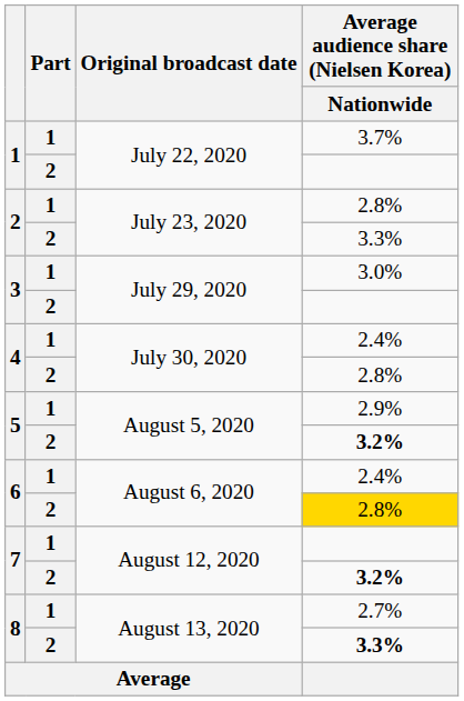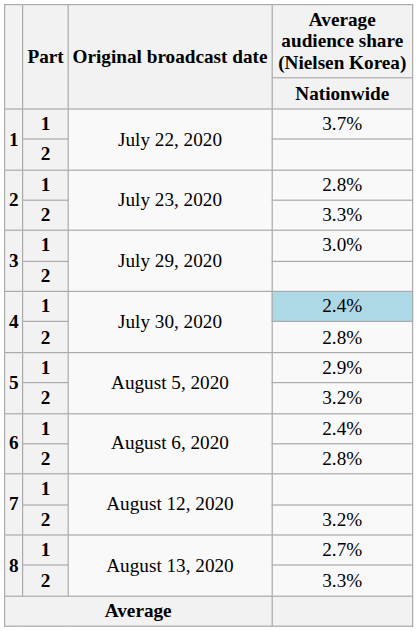 <table class="wikitable" style="text-align:center">
 <tr>
 <th rowspan="2"></th>
 <th rowspan="2">Part</th>
 <th rowspan="2">Original broadcast date</th>
 <th colspan="1">Average audience share<br>(Nielsen Korea)</th>
 </tr>
 <tr>
 <th width="110">Nationwide</th>
 </tr>
 <tr>
 <th rowspan="2">1</th>
 <th>1</th>
 <td rowspan="2">July 22, 2020</td>
 <td>3.7%</td>
 </tr>
 <tr>
 <th>2</th>
 <td></td>
 </tr>
 <tr>
 <th rowspan="2">2</th>
 <th>1</th>
 <td rowspan="2">July 23, 2020</td>
 <td>2.8%</td>
 </tr>
 <tr>
 <th>2</th>
 <td>3.3%</td>
 </tr>
 <tr>
 <th rowspan="2">3</th>
 <th>1</th>
 <td rowspan="2">July 29, 2020</td>
 <td>3.0%</td>
 </tr>
 <tr>
 <th>2</th>
 <td></td>
 </tr>
 <tr>
 <th rowspan="2">4</th>
 <th>1</th>
 <td rowspan="2">July 30, 2020</td>
-<td>2.4%</td>
+<td style="background: lightblue;">2.4%</td>
 </tr>
 <tr>
 <th>2</th>
 <td>2.8%</td>
 </tr>
 <tr>
 <th rowspan="2">5</th>
 <th>1</th>
 <td rowspan="2">August 5, 2020</td>
 <td>2.9%</td>
 </tr>
 <tr>
 <th>2</th>
-<td><strong>3.2%</strong></td>
+<td>3.2%</td>
 </tr>
 <tr>
 <th rowspan="2">6</th>
 <th>1</th>
 <td rowspan="2">August 6, 2020</td>
 <td>2.4%</td>
 </tr>
 <tr>
 <th>2</th>
-<td style="background: gold;">2.8%</td>
+<td>2.8%</td>
 </tr>
 <tr>
 <th rowspan="2">7</th>
 <th>1</th>
 <td rowspan="2">August 12, 2020</td>
 <td></td>
 </tr>
 <tr>
 <th>2</th>
-<td><strong>3.2%</strong></td>
+<td>3.2%</td>
 </tr>
 <tr>
 <th rowspan="2">8</th>
 <th>1</th>
 <td rowspan="2">August 13, 2020</td>
 <td>2.7%</td>
 </tr>
 <tr>
 <th>2</th>
-<td><strong>3.3%</strong></td>
+<td>3.3%</td>
 </tr>
 <tr>
 <th colspan="3">Average</th>
 <th></th>
 </tr>
 </table>
